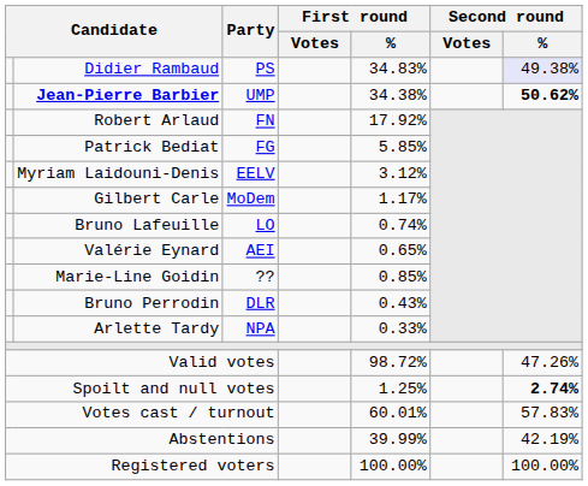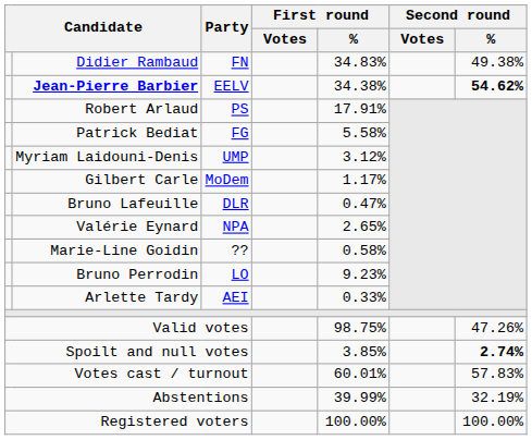 <table class="wikitable" style="text-align:right;font-size:95%;">
 <tr>
 <th rowspan=2 colspan=2>Candidate</th>
 <th rowspan=2 colspan=1>Party</th>
 <th colspan=2>First round</th>
 <th colspan=2>Second round</th>
 </tr>
 <tr>
 <th style="width:50px;">Votes</th>
 <th style="width:55px;">%</th>
 <th style="width:50px;">Votes</th>
 <th style="width:55px;">%</th>
 </tr>
 <tr>
 <td style="color:inherit;background-color:"></td>
 <td><a href='#'>Didier Rambaud</a></td>
-<td><a href='#'>PS</a></td>
+<td><a href='#'>FN</a></td>
 <td></td>
 <td>34.83%</td>
 <td></td>
-<td style="background: lavender;">49.38%</td>
+<td>49.38%</td>
 </tr>
 <tr>
 <td style="color:inherit;background-color:"></td>
 <td><strong><a href='#'>Jean-Pierre Barbier</a></strong></td>
-<td><a href='#'>UMP</a></td>
+<td><a href='#'>EELV</a></td>
 <td></td>
 <td>34.38%</td>
 <td><strong></strong></td>
-<td><strong>50.62%</strong></td>
+<td><strong>54.62%</strong></td>
 </tr>
 <tr>
 <td style="color:inherit;background-color:"></td>
 <td>Robert Arlaud</td>
-<td><a href='#'>FN</a></td>
+<td><a href='#'>PS</a></td>
 <td></td>
-<td>17.92%</td>
+<td>17.91%</td>
 <td colspan=7 rowspan=9 style="background-color:#E9E9E9;"></td>
 </tr>
 <tr>
 <td style="color:inherit;background-color:"></td>
 <td>Patrick Bediat</td>
 <td><a href='#'>FG</a></td>
 <td></td>
-<td>5.85%</td>
+<td>5.58%</td>
 </tr>
 <tr>
 <td style="color:inherit;background-color:"></td>
 <td>Myriam Laidouni-Denis</td>
-<td><a href='#'>EELV</a></td>
+<td><a href='#'>UMP</a></td>
 <td></td>
 <td>3.12%</td>
 </tr>
 <tr>
 <td style="color:inherit;background-color:"></td>
 <td>Gilbert Carle</td>
 <td><a href='#'>MoDem</a></td>
 <td></td>
 <td>1.17%</td>
 </tr>
 <tr>
 <td style="color:inherit;background-color:"></td>
 <td>Bruno Lafeuille</td>
-<td><a href='#'>LO</a></td>
+<td><a href='#'>DLR</a></td>
 <td></td>
-<td>0.74%</td>
+<td>0.47%</td>
 </tr>
 <tr>
 <td style="color:inherit;background-color:"></td>
 <td>Valérie Eynard</td>
-<td><a href='#'>AEI</a></td>
+<td><a href='#'>NPA</a></td>
 <td></td>
-<td>0.65%</td>
+<td>2.65%</td>
 </tr>
 <tr>
 <td style="color:inherit;background-color:"></td>
 <td>Marie-Line Goidin</td>
 <td>??</td>
 <td></td>
-<td>0.85%</td>
+<td>0.58%</td>
 </tr>
 <tr>
 <td style="color:inherit;background-color:"></td>
 <td>Bruno Perrodin</td>
-<td><a href='#'>DLR</a></td>
+<td><a href='#'>LO</a></td>
 <td></td>
-<td>0.43%</td>
+<td>9.23%</td>
 </tr>
 <tr>
 <td style="color:inherit;background-color:"></td>
 <td>Arlette Tardy</td>
-<td><a href='#'>NPA</a></td>
+<td><a href='#'>AEI</a></td>
 <td></td>
 <td>0.33%</td>
 </tr>
 <tr>
 <td colspan=7 style="background-color:#E9E9E9;"></td>
 </tr>
 <tr>
 <td colspan=3>Valid votes</td>
 <td></td>
-<td>98.72%</td>
+<td>98.75%</td>
 <td></td>
 <td>47.26%</td>
 </tr>
 <tr>
 <td colspan=3>Spoilt and null votes</td>
 <td></td>
-<td>1.25%</td>
+<td>3.85%</td>
 <td></td>
 <td><strong>2.74%</strong></td>
 </tr>
 <tr>
 <td colspan=3>Votes cast / turnout</td>
 <td></td>
 <td>60.01%</td>
 <td></td>
 <td>57.83%</td>
 </tr>
 <tr>
 <td colspan=3>Abstentions</td>
 <td></td>
 <td>39.99%</td>
 <td></td>
-<td>42.19%</td>
+<td>32.19%</td>
 </tr>
 <tr>
 <td colspan=3>Registered voters</td>
 <td></td>
 <td>100.00%</td>
 <td></td>
 <td>100.00%</td>
 </tr>
 </table>
